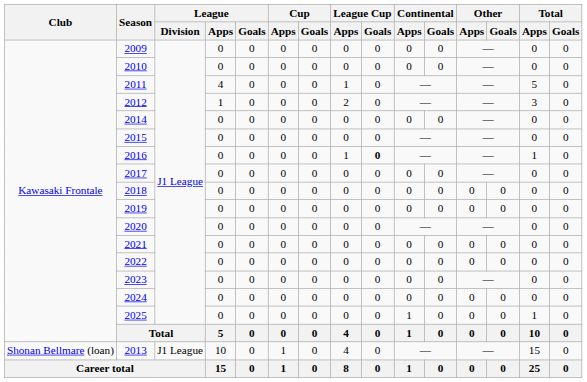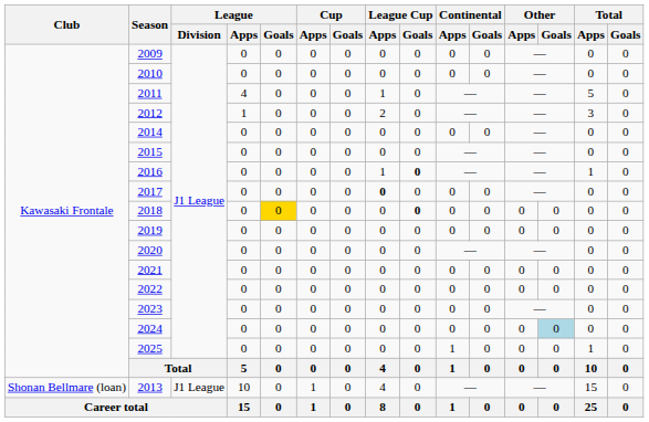 <table class="wikitable" style="text-align:center;">
 <tr>
 <th rowspan="2">Club</th>
 <th rowspan="2">Season</th>
 <th colspan="3">League</th>
 <th colspan="2">Cup</th>
 <th colspan="2">League Cup</th>
 <th colspan="2">Continental</th>
 <th colspan="2">Other</th>
 <th colspan="2">Total</th>
 </tr>
 <tr>
 <th>Division</th>
 <th>Apps</th>
 <th>Goals</th>
 <th>Apps</th>
 <th>Goals</th>
 <th>Apps</th>
 <th>Goals</th>
 <th>Apps</th>
 <th>Goals</th>
 <th>Apps</th>
 <th>Goals</th>
 <th>Apps</th>
 <th>Goals</th>
 </tr>
 <tr>
 <td rowspan=17><a href='#'>Kawasaki Frontale</a></td>
 <td><a href='#'>2009</a></td>
 <td rowspan=16><a href='#'>J1 League</a></td>
 <td>0</td>
 <td>0</td>
 <td>0</td>
 <td>0</td>
 <td>0</td>
 <td>0</td>
 <td>0</td>
 <td>0</td>
 <td colspan="2">—</td>
 <td>0</td>
 <td>0</td>
 </tr>
 <tr>
 <td><a href='#'>2010</a></td>
 <td>0</td>
 <td>0</td>
 <td>0</td>
 <td>0</td>
 <td>0</td>
 <td>0</td>
 <td>0</td>
 <td>0</td>
 <td colspan="2">—</td>
 <td>0</td>
 <td>0</td>
 </tr>
 <tr>
 <td><a href='#'>2011</a></td>
 <td>4</td>
 <td>0</td>
 <td>0</td>
 <td>0</td>
 <td>1</td>
 <td>0</td>
 <td colspan="2">—</td>
 <td colspan="2">—</td>
 <td>5</td>
 <td>0</td>
 </tr>
 <tr>
 <td><a href='#'>2012</a></td>
 <td>1</td>
 <td>0</td>
 <td>0</td>
 <td>0</td>
 <td>2</td>
 <td>0</td>
 <td colspan="2">—</td>
 <td colspan="2">—</td>
 <td>3</td>
 <td>0</td>
 </tr>
 <tr>
 <td><a href='#'>2014</a></td>
 <td>0</td>
 <td>0</td>
 <td>0</td>
 <td>0</td>
 <td>0</td>
 <td>0</td>
 <td>0</td>
 <td>0</td>
 <td colspan="2">—</td>
 <td>0</td>
 <td>0</td>
 </tr>
 <tr>
 <td><a href='#'>2015</a></td>
 <td>0</td>
 <td>0</td>
 <td>0</td>
 <td>0</td>
 <td>0</td>
 <td>0</td>
 <td colspan="2">—</td>
 <td colspan="2">—</td>
 <td>0</td>
 <td>0</td>
 </tr>
 <tr>
 <td><a href='#'>2016</a></td>
 <td>0</td>
 <td>0</td>
 <td>0</td>
 <td>0</td>
 <td>1</td>
 <td><strong>0</strong></td>
 <td colspan="2">—</td>
 <td colspan="2">—</td>
 <td>1</td>
 <td>0</td>
 </tr>
 <tr>
 <td><a href='#'>2017</a></td>
 <td>0</td>
 <td>0</td>
 <td>0</td>
 <td>0</td>
-<td>0</td>
+<td><strong>0</strong></td>
 <td>0</td>
 <td>0</td>
 <td>0</td>
 <td colspan="2">—</td>
 <td>0</td>
 <td>0</td>
 </tr>
 <tr>
 <td><a href='#'>2018</a></td>
 <td>0</td>
+<td style="background: gold;">0</td>
 <td>0</td>
 <td>0</td>
 <td>0</td>
-<td>0</td>
-<td>0</td>
+<td><strong>0</strong></td>
 <td>0</td>
 <td>0</td>
 <td>0</td>
 <td>0</td>
 <td>0</td>
 <td>0</td>
 </tr>
 <tr>
 <td><a href='#'>2019</a></td>
 <td>0</td>
 <td>0</td>
 <td>0</td>
 <td>0</td>
 <td>0</td>
 <td>0</td>
 <td>0</td>
 <td>0</td>
 <td>0</td>
 <td>0</td>
 <td>0</td>
 <td>0</td>
 </tr>
 <tr>
 <td><a href='#'>2020</a></td>
 <td>0</td>
 <td>0</td>
 <td>0</td>
 <td>0</td>
 <td>0</td>
 <td>0</td>
 <td colspan="2">—</td>
 <td colspan="2">—</td>
 <td>0</td>
 <td>0</td>
 </tr>
 <tr>
 <td><a href='#'>2021</a></td>
 <td>0</td>
 <td>0</td>
 <td>0</td>
 <td>0</td>
 <td>0</td>
 <td>0</td>
 <td>0</td>
 <td>0</td>
 <td>0</td>
 <td>0</td>
 <td>0</td>
 <td>0</td>
 </tr>
 <tr>
 <td><a href='#'>2022</a></td>
 <td>0</td>
 <td>0</td>
 <td>0</td>
 <td>0</td>
 <td>0</td>
 <td>0</td>
 <td>0</td>
 <td>0</td>
 <td>0</td>
 <td>0</td>
 <td>0</td>
 <td>0</td>
 </tr>
 <tr>
 <td><a href='#'>2023</a></td>
 <td>0</td>
 <td>0</td>
 <td>0</td>
 <td>0</td>
 <td>0</td>
 <td>0</td>
 <td>0</td>
 <td>0</td>
 <td colspan="2">—</td>
 <td>0</td>
 <td>0</td>
 </tr>
 <tr>
 <td><a href='#'>2024</a></td>
 <td>0</td>
 <td>0</td>
 <td>0</td>
 <td>0</td>
 <td>0</td>
 <td>0</td>
 <td>0</td>
 <td>0</td>
 <td>0</td>
-<td>0</td>
+<td style="background: lightblue;">0</td>
 <td>0</td>
 <td>0</td>
 </tr>
 <tr>
 <td><a href='#'>2025</a></td>
 <td>0</td>
 <td>0</td>
 <td>0</td>
 <td>0</td>
 <td>0</td>
 <td>0</td>
 <td>1</td>
 <td>0</td>
 <td>0</td>
 <td>0</td>
 <td>1</td>
 <td>0</td>
 </tr>
 <tr>
 <th colspan="2">Total</th>
 <th>5</th>
 <th>0</th>
 <th>0</th>
 <th>0</th>
 <th>4</th>
 <th>0</th>
 <th>1</th>
 <th>0</th>
 <th>0</th>
 <th>0</th>
 <th>10</th>
 <th>0</th>
 </tr>
 <tr>
 <td><a href='#'>Shonan Bellmare</a> (loan)</td>
 <td><a href='#'>2013</a></td>
 <td>J1 League</td>
 <td>10</td>
 <td>0</td>
 <td>1</td>
 <td>0</td>
 <td>4</td>
 <td>0</td>
 <td colspan="2">—</td>
 <td colspan="2">—</td>
 <td>15</td>
 <td>0</td>
 </tr>
 <tr>
 <th colspan="3">Career total</th>
 <th>15</th>
 <th>0</th>
 <th>1</th>
 <th>0</th>
 <th>8</th>
 <th>0</th>
 <th>1</th>
 <th>0</th>
 <th>0</th>
 <th>0</th>
 <th>25</th>
 <th>0</th>
 </tr>
 </table>
